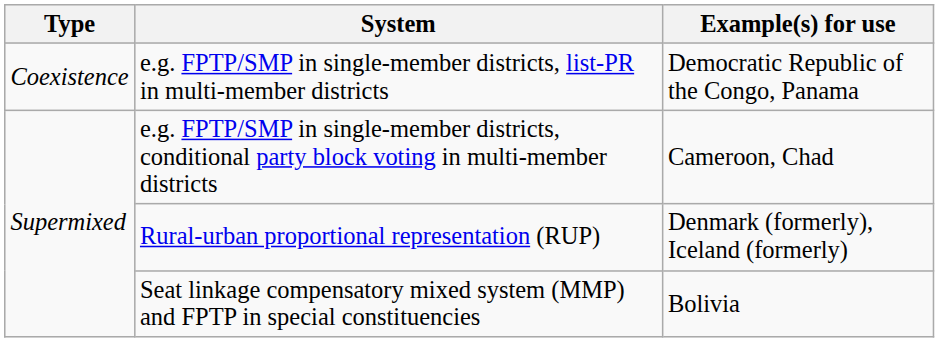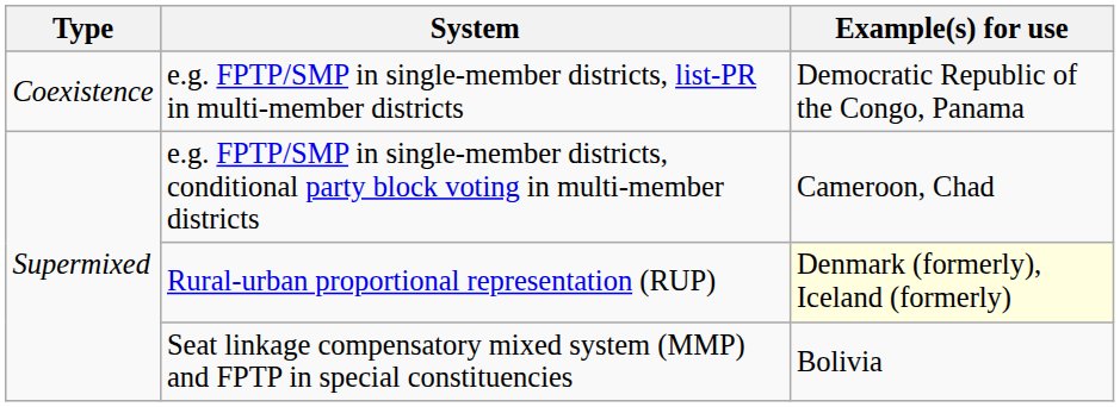 <table class="wikitable">
 <tr>
 <th>Type</th>
 <th>System</th>
 <th>Example(s) for use</th>
 </tr>
 <tr>
 <td><em>Coexistence</em></td>
 <td>e.g. <a href='#'>FPTP/SMP</a> in single-member districts, <a href='#'>list-PR</a> in multi-member districts</td>
 <td>Democratic Republic of the Congo, Panama</td>
 </tr>
 <tr>
 <td rowspan="3"><em>Supermixed</em></td>
 <td>e.g. <a href='#'>FPTP/SMP</a> in single-member districts, conditional <a href='#'>party block voting</a> in multi-member districts</td>
 <td>Cameroon, Chad</td>
 </tr>
 <tr>
 <td><a href='#'>Rural-urban proportional representation</a> (RUP)</td>
-<td>Denmark (formerly), Iceland (formerly)</td>
+<td style="background: lightyellow;">Denmark (formerly), Iceland (formerly)</td>
 </tr>
 <tr>
 <td>Seat linkage compensatory mixed system (MMP) and FPTP in special constituencies</td>
 <td>Bolivia</td>
 </tr>
 </table>
